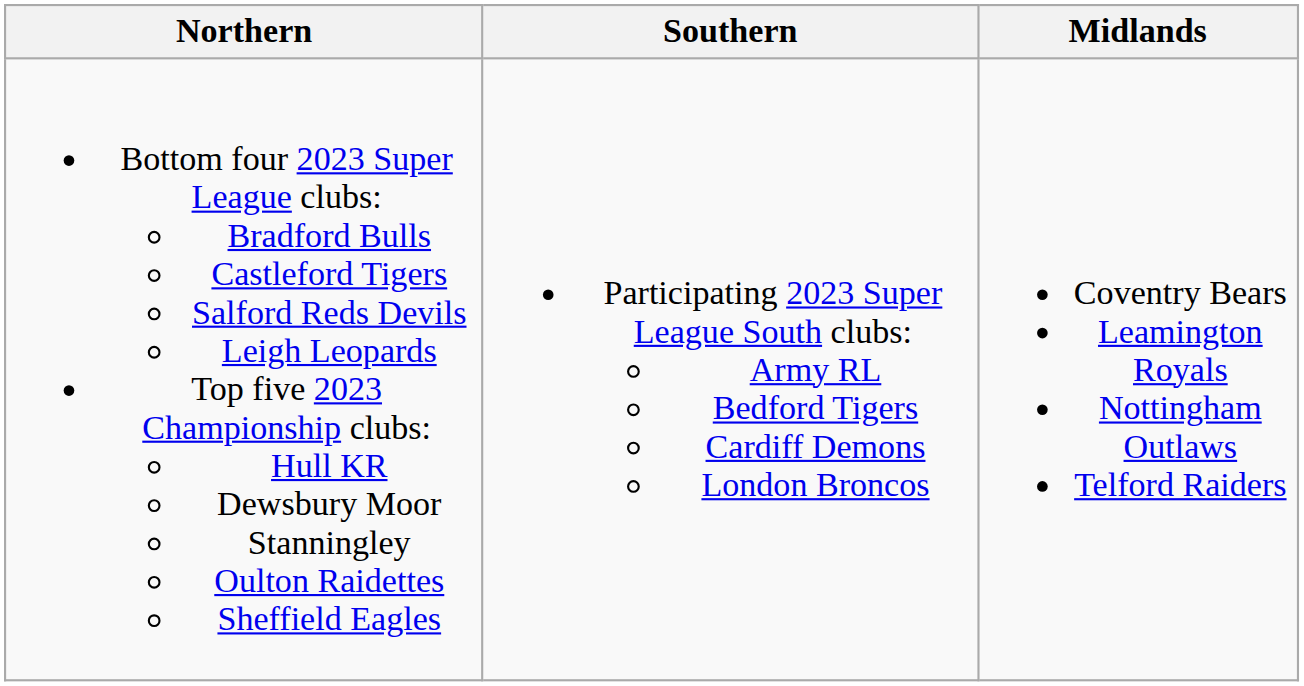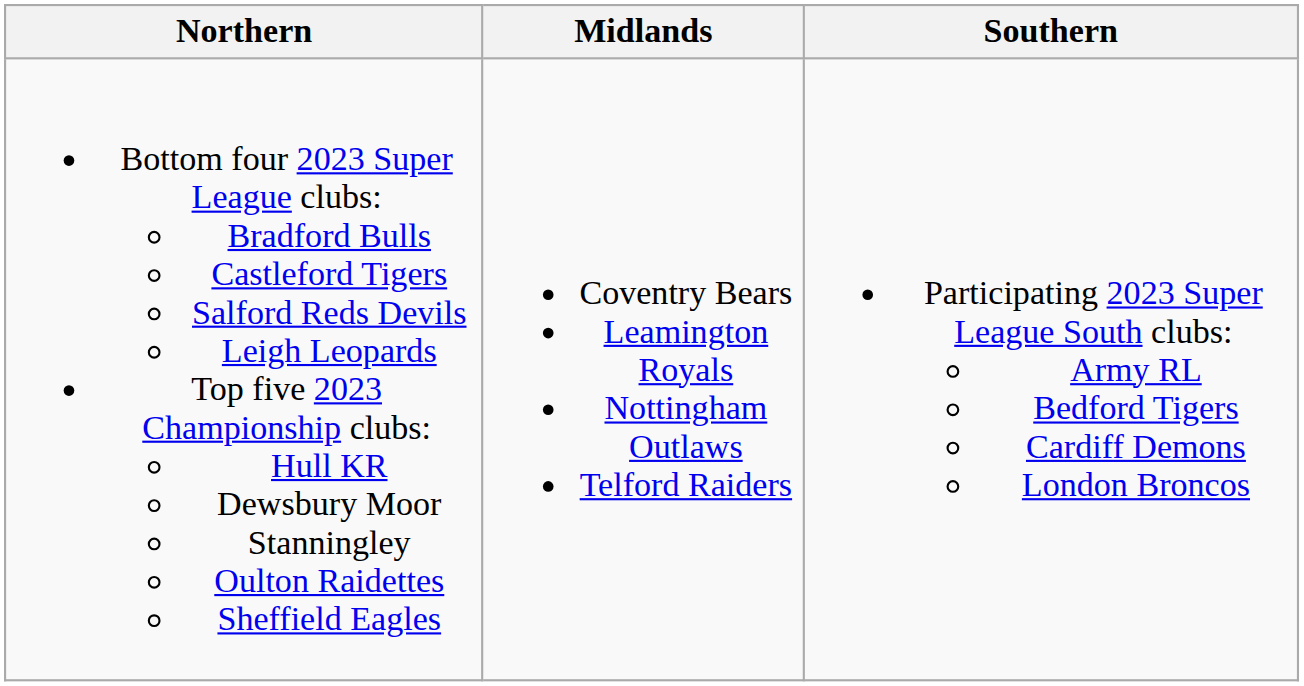 <table class="wikitable" style="text-align: center;">
 <tr>
 <th>Northern</th>
+<th>Midlands</th>
 <th>Southern</th>
-<th>Midlands</th>
 </tr>
 <tr>
 <td><br><ul><li>Bottom four <a href='#'>2023 Super League</a> clubs:<ul><li> <a href='#'>Bradford Bulls</a></li><li> <a href='#'>Castleford Tigers</a></li><li> <a href='#'>Salford Reds Devils</a></li><li> <a href='#'>Leigh Leopards</a></li></ul></li><li>Top five <a href='#'>2023 Championship</a> clubs:<ul><li> <a href='#'>Hull KR</a></li><li> Dewsbury Moor</li><li> Stanningley</li><li> <a href='#'>Oulton Raidettes</a></li><li> <a href='#'>Sheffield Eagles</a></li></ul></li></ul></td>
+<td><br><ul><li>Coventry Bears</li><li><a href='#'>Leamington Royals</a></li><li><a href='#'>Nottingham Outlaws</a></li><li><a href='#'>Telford Raiders</a></li></ul></td>
 <td><br><ul><li>Participating <a href='#'>2023 Super League South</a> clubs:<ul><li> <a href='#'>Army RL</a></li><li> <a href='#'>Bedford Tigers</a></li><li> <a href='#'>Cardiff Demons</a></li><li> <a href='#'>London Broncos</a></li></ul></li></ul></td>
-<td><br><ul><li>Coventry Bears</li><li><a href='#'>Leamington Royals</a></li><li><a href='#'>Nottingham Outlaws</a></li><li><a href='#'>Telford Raiders</a></li></ul></td>
 </tr>
 </table>
